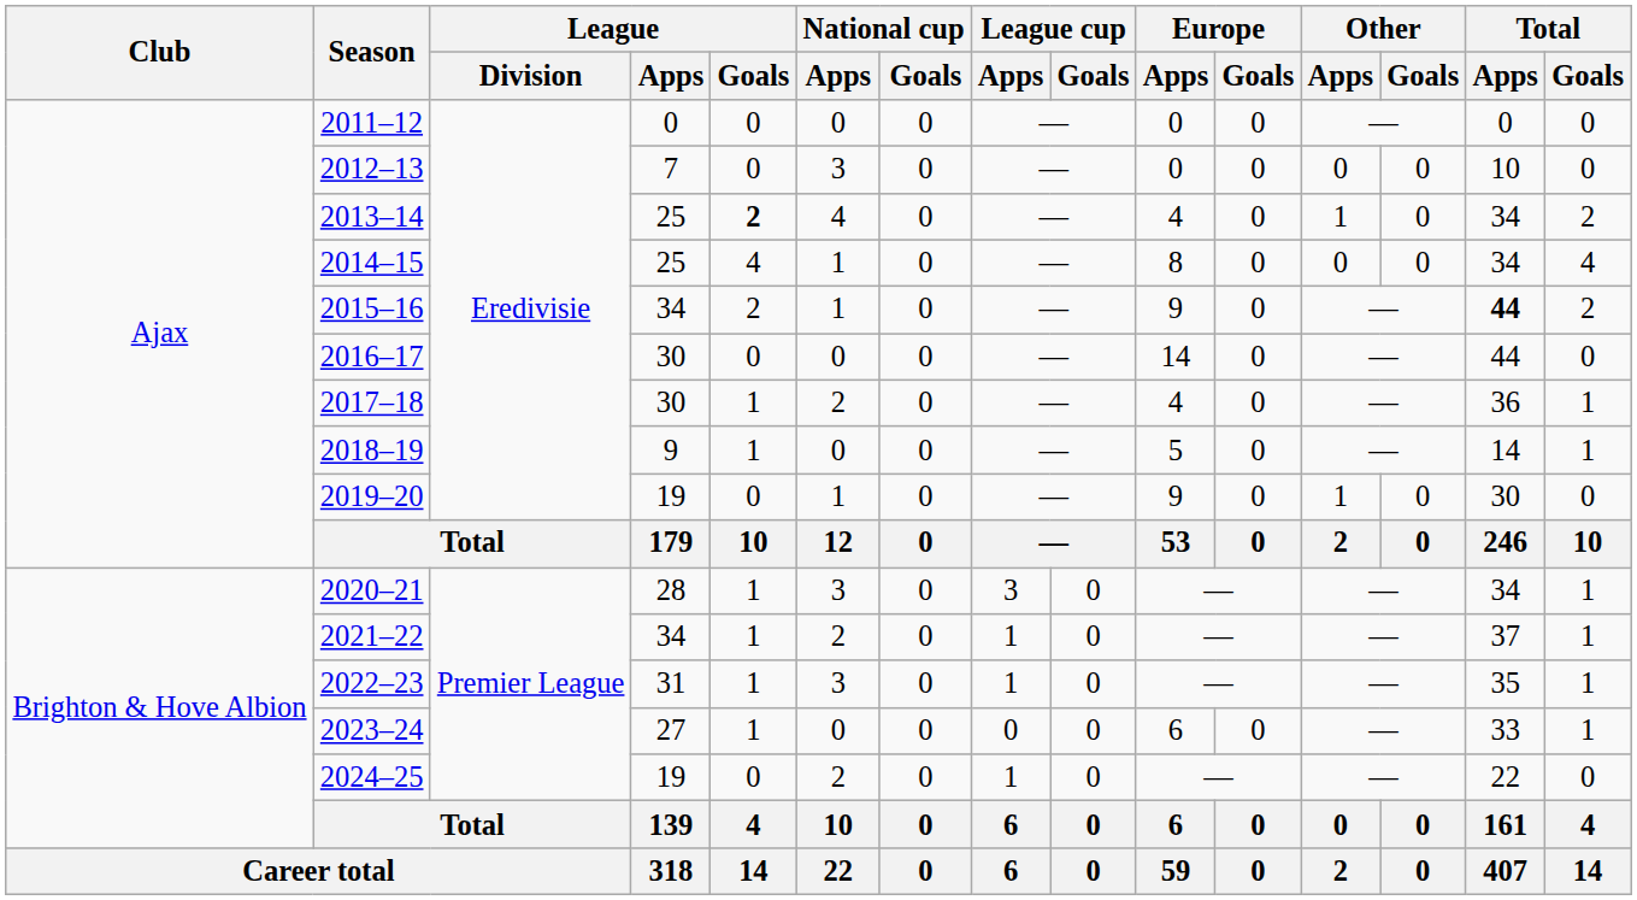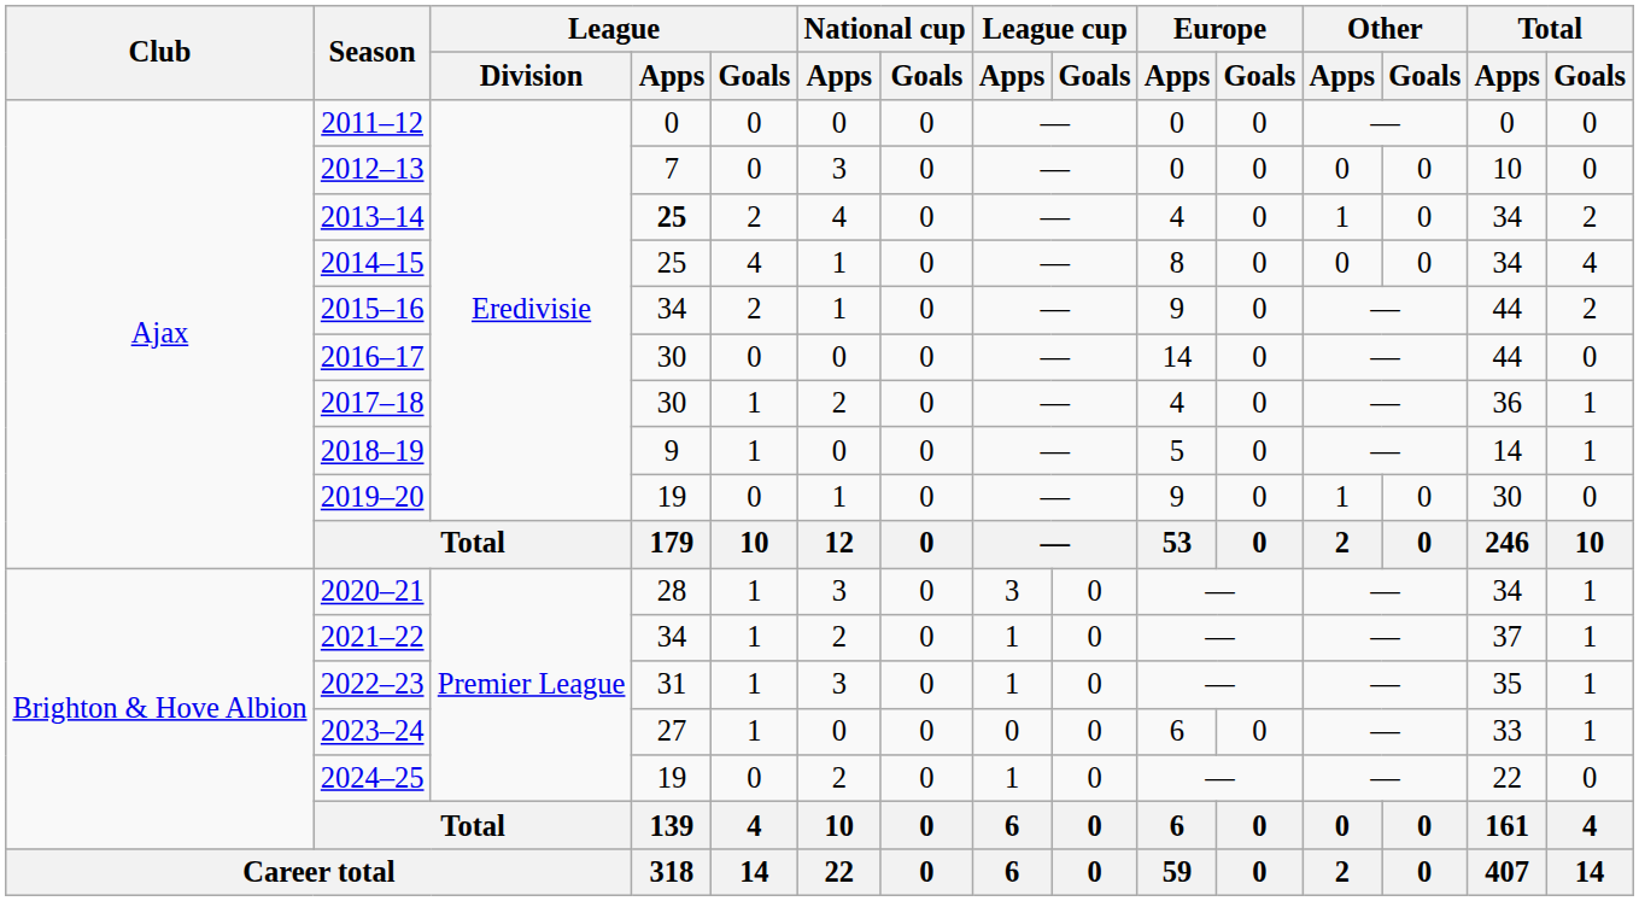 <table class=wikitable style=text-align:center>
 <tr>
 <th rowspan=2>Club</th>
 <th rowspan=2>Season</th>
 <th colspan=3>League</th>
 <th colspan=2>National cup</th>
 <th colspan=2>League cup</th>
 <th colspan=2>Europe</th>
 <th colspan=2>Other</th>
 <th colspan=2>Total</th>
 </tr>
 <tr>
 <th>Division</th>
 <th>Apps</th>
 <th>Goals</th>
 <th>Apps</th>
 <th>Goals</th>
 <th>Apps</th>
 <th>Goals</th>
 <th>Apps</th>
 <th>Goals</th>
 <th>Apps</th>
 <th>Goals</th>
 <th>Apps</th>
 <th>Goals</th>
 </tr>
 <tr>
 <td rowspan=10><a href='#'>Ajax</a></td>
 <td><a href='#'>2011–12</a></td>
 <td rowspan="9"><a href='#'>Eredivisie</a></td>
 <td>0</td>
 <td>0</td>
 <td>0</td>
 <td>0</td>
 <td colspan=2>—</td>
 <td>0</td>
 <td>0</td>
 <td colspan=2>—</td>
 <td>0</td>
 <td>0</td>
 </tr>
 <tr>
 <td><a href='#'>2012–13</a></td>
 <td>7</td>
 <td>0</td>
 <td>3</td>
 <td>0</td>
 <td colspan=2>—</td>
 <td>0</td>
 <td>0</td>
 <td>0</td>
 <td>0</td>
 <td>10</td>
 <td>0</td>
 </tr>
 <tr>
 <td><a href='#'>2013–14</a></td>
-<td>25</td>
-<td><strong>2</strong></td>
+<td><strong>25</strong></td>
+<td>2</td>
 <td>4</td>
 <td>0</td>
 <td colspan=2>—</td>
 <td>4</td>
 <td>0</td>
 <td>1</td>
 <td>0</td>
 <td>34</td>
 <td>2</td>
 </tr>
 <tr>
 <td><a href='#'>2014–15</a></td>
 <td>25</td>
 <td>4</td>
 <td>1</td>
 <td>0</td>
 <td colspan=2>—</td>
 <td>8</td>
 <td>0</td>
 <td>0</td>
 <td>0</td>
 <td>34</td>
 <td>4</td>
 </tr>
 <tr>
 <td><a href='#'>2015–16</a></td>
 <td>34</td>
 <td>2</td>
 <td>1</td>
 <td>0</td>
 <td colspan=2>—</td>
 <td>9</td>
 <td>0</td>
 <td colspan="2">—</td>
-<td><strong>44</strong></td>
+<td>44</td>
 <td>2</td>
 </tr>
 <tr>
 <td><a href='#'>2016–17</a></td>
 <td>30</td>
 <td>0</td>
 <td>0</td>
 <td>0</td>
 <td colspan=2>—</td>
 <td>14</td>
 <td>0</td>
 <td colspan="2">—</td>
 <td>44</td>
 <td>0</td>
 </tr>
 <tr>
 <td><a href='#'>2017–18</a></td>
 <td>30</td>
 <td>1</td>
 <td>2</td>
 <td>0</td>
 <td colspan=2>—</td>
 <td>4</td>
 <td>0</td>
 <td colspan="2">—</td>
 <td>36</td>
 <td>1</td>
 </tr>
 <tr>
 <td><a href='#'>2018–19</a></td>
 <td>9</td>
 <td>1</td>
 <td>0</td>
 <td>0</td>
 <td colspan=2>—</td>
 <td>5</td>
 <td>0</td>
 <td colspan="2">—</td>
 <td>14</td>
 <td>1</td>
 </tr>
 <tr>
 <td><a href='#'>2019–20</a></td>
 <td>19</td>
 <td>0</td>
 <td>1</td>
 <td>0</td>
 <td colspan=2>—</td>
 <td>9</td>
 <td>0</td>
 <td>1</td>
 <td>0</td>
 <td>30</td>
 <td>0</td>
 </tr>
 <tr>
 <th colspan=2>Total</th>
 <th>179</th>
 <th>10</th>
 <th>12</th>
 <th>0</th>
 <th colspan=2>—</th>
 <th>53</th>
 <th>0</th>
 <th>2</th>
 <th>0</th>
 <th>246</th>
 <th>10</th>
 </tr>
 <tr>
 <td rowspan="6"><a href='#'>Brighton & Hove Albion</a></td>
 <td><a href='#'>2020–21</a></td>
 <td rowspan="5"><a href='#'>Premier League</a></td>
 <td>28</td>
 <td>1</td>
 <td>3</td>
 <td>0</td>
 <td>3</td>
 <td>0</td>
 <td colspan=2>—</td>
 <td colspan=2>—</td>
 <td>34</td>
 <td>1</td>
 </tr>
 <tr>
 <td><a href='#'>2021–22</a></td>
 <td>34</td>
 <td>1</td>
 <td>2</td>
 <td>0</td>
 <td>1</td>
 <td>0</td>
 <td colspan=2>—</td>
 <td colspan=2>—</td>
 <td>37</td>
 <td>1</td>
 </tr>
 <tr>
 <td><a href='#'>2022–23</a></td>
 <td>31</td>
 <td>1</td>
 <td>3</td>
 <td>0</td>
 <td>1</td>
 <td>0</td>
 <td colspan=2>—</td>
 <td colspan=2>—</td>
 <td>35</td>
 <td>1</td>
 </tr>
 <tr>
 <td><a href='#'>2023–24</a></td>
 <td>27</td>
 <td>1</td>
 <td>0</td>
 <td>0</td>
 <td>0</td>
 <td>0</td>
 <td>6</td>
 <td>0</td>
 <td colspan=2>—</td>
 <td>33</td>
 <td>1</td>
 </tr>
 <tr>
 <td><a href='#'>2024–25</a></td>
 <td>19</td>
 <td>0</td>
 <td>2</td>
 <td>0</td>
 <td>1</td>
 <td>0</td>
 <td colspan=2>—</td>
 <td colspan=2>—</td>
 <td>22</td>
 <td>0</td>
 </tr>
 <tr>
 <th colspan=2>Total</th>
 <th>139</th>
 <th>4</th>
 <th>10</th>
 <th>0</th>
 <th>6</th>
 <th>0</th>
 <th>6</th>
 <th>0</th>
 <th>0</th>
 <th>0</th>
 <th>161</th>
 <th>4</th>
 </tr>
 <tr>
 <th colspan=3>Career total</th>
 <th>318</th>
 <th>14</th>
 <th>22</th>
 <th>0</th>
 <th>6</th>
 <th>0</th>
 <th>59</th>
 <th>0</th>
 <th>2</th>
 <th>0</th>
 <th>407</th>
 <th>14</th>
 </tr>
 </table>
